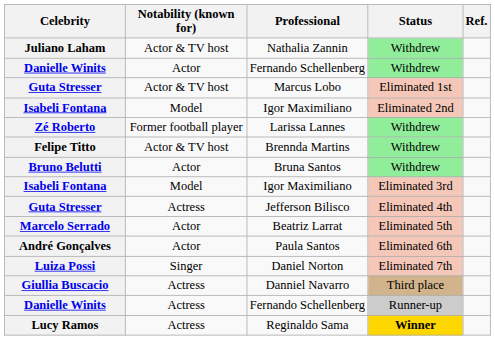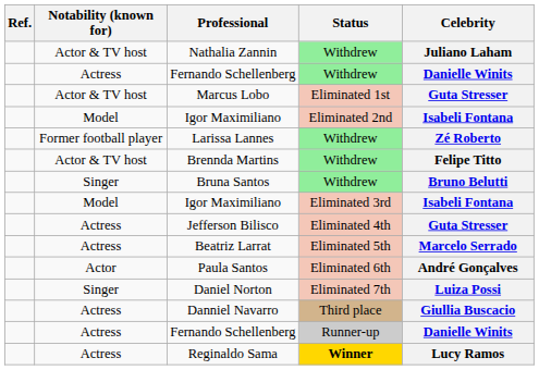 <table class="wikitable sortable" style="text-align: center; margin:auto; align: center">
 <tr>
-<th width=150>Celebrity</th>
+<th width=015>Ref.</th>
 <th width=150>Notability (known for)</th>
 <th width=150>Professional</th>
 <th width=115>Status</th>
-<th width=015>Ref.</th>
+<th width=150>Celebrity</th>
 </tr>
 <tr>
-<th>Juliano Laham</th>
+<td><br></td>
 <td>Actor & TV host</td>
 <td>Nathalia Zannin</td>
 <td bgcolor=90EE9B>Withdrew<br></td>
-<td><br></td>
+<th>Juliano Laham</th>
 </tr>
 <tr>
-<th><a href='#'>Danielle Winits</a><br></th>
-<td>Actor</td>
+<td><br></td>
+<td>Actress</td>
 <td>Fernando Schellenberg</td>
 <td bgcolor=90EE9B>Withdrew<br></td>
-<td><br></td>
+<th><a href='#'>Danielle Winits</a><br></th>
 </tr>
 <tr>
-<th><a href='#'>Guta Stresser</a><br></th>
+<td><br></td>
 <td>Actor & TV host</td>
 <td>Marcus Lobo</td>
 <td bgcolor=F4C7B8>Eliminated 1st<br></td>
-<td><br></td>
+<th><a href='#'>Guta Stresser</a><br></th>
 </tr>
 <tr>
-<th><a href='#'>Isabeli Fontana</a><br></th>
+<td><br></td>
 <td>Model</td>
 <td>Igor Maximiliano</td>
 <td bgcolor=F4C7B8>Eliminated 2nd<br></td>
-<td><br></td>
+<th><a href='#'>Isabeli Fontana</a><br></th>
 </tr>
 <tr>
-<th><a href='#'>Zé Roberto</a></th>
+<td><br></td>
 <td>Former football player</td>
 <td>Larissa Lannes</td>
 <td bgcolor=90EE9B>Withdrew<br></td>
-<td><br></td>
+<th><a href='#'>Zé Roberto</a></th>
 </tr>
 <tr>
-<th>Felipe Titto</th>
+<td><br></td>
 <td>Actor & TV host</td>
 <td>Brennda Martins</td>
 <td bgcolor=90EE9B>Withdrew<br></td>
-<td><br></td>
+<th>Felipe Titto</th>
 </tr>
 <tr>
-<th><a href='#'>Bruno Belutti</a></th>
-<td>Actor</td>
+<td></td>
+<td>Singer</td>
 <td>Bruna Santos</td>
 <td bgcolor=90EE9B>Withdrew<br></td>
-<td></td>
+<th><a href='#'>Bruno Belutti</a></th>
 </tr>
 <tr>
-<th><a href='#'>Isabeli Fontana</a></th>
+<td></td>
 <td>Model</td>
 <td>Igor Maximiliano</td>
 <td bgcolor=F4C7B8>Eliminated 3rd<br></td>
-<td></td>
+<th><a href='#'>Isabeli Fontana</a></th>
 </tr>
 <tr>
-<th><a href='#'>Guta Stresser</a></th>
+<td></td>
 <td>Actress</td>
 <td>Jefferson Bilisco<br></td>
 <td bgcolor=F4C7B8>Eliminated 4th<br></td>
-<td></td>
+<th><a href='#'>Guta Stresser</a></th>
 </tr>
 <tr>
-<th><a href='#'>Marcelo Serrado</a></th>
-<td>Actor</td>
+<td></td>
+<td>Actress</td>
 <td>Beatriz Larrat</td>
 <td bgcolor=F4C7B8>Eliminated 5th<br></td>
-<td></td>
+<th><a href='#'>Marcelo Serrado</a></th>
 </tr>
 <tr>
-<th>André Gonçalves</th>
+<td></td>
 <td>Actor</td>
 <td>Paula Santos</td>
 <td bgcolor=F4C7B8>Eliminated 6th<br></td>
-<td></td>
+<th>André Gonçalves</th>
 </tr>
 <tr>
-<th><a href='#'>Luiza Possi</a></th>
+<td></td>
 <td>Singer</td>
 <td>Daniel Norton</td>
 <td bgcolor=F4C7B8>Eliminated 7th<br></td>
-<td></td>
+<th><a href='#'>Luiza Possi</a></th>
 </tr>
 <tr>
-<th><a href='#'>Giullia Buscacio</a></th>
+<td></td>
 <td>Actress</td>
 <td>Danniel Navarro</td>
 <td bgcolor=D2B48C>Third place<br></td>
-<td></td>
+<th><a href='#'>Giullia Buscacio</a></th>
 </tr>
 <tr>
-<th><a href='#'>Danielle Winits</a></th>
+<td></td>
 <td>Actress</td>
 <td>Fernando Schellenberg</td>
 <td bgcolor=CCCCCC>Runner-up<br></td>
-<td></td>
+<th><a href='#'>Danielle Winits</a></th>
 </tr>
 <tr>
-<th>Lucy Ramos</th>
+<td></td>
 <td>Actress</td>
 <td>Reginaldo Sama<br></td>
 <td bgcolor=FFD700><strong>Winner</strong><br></td>
-<td></td>
+<th>Lucy Ramos</th>
 </tr>
 </table>
